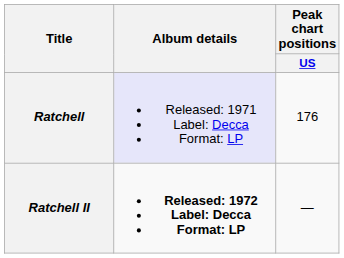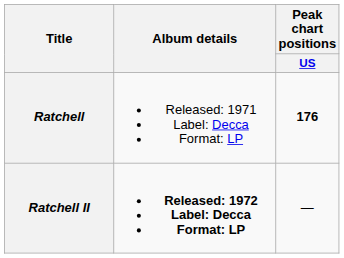 <table class="wikitable plainrowheaders" style="text-align:center;" border="1">
 <tr>
 <th scope="col" rowspan="2" style="width:8em;">Title</th>
 <th scope="col" rowspan="2" style="width:12em;">Album details</th>
 <th scope="col" colspan="2">Peak chart positions</th>
 </tr>
 <tr>
 <th style="width:3em; font-size:90%;"><a href='#'>US</a></th>
 </tr>
 <tr>
 <th scope="row"><em>Ratchell</em></th>
-<td style="background: lavender;"><br><ul><li>Released: 1971</li><li>Label: <a href='#'>Decca</a></li><li>Format: <a href='#'>LP</a></li></ul></td>
-<td>176</td>
+<td><br><ul><li>Released: 1971</li><li>Label: <a href='#'>Decca</a></li><li>Format: <a href='#'>LP</a></li></ul></td>
+<td><strong>176</strong></td>
 </tr>
 <tr>
 <th scope="row"><em>Ratchell II</em></th>
 <td><strong><br><ul><li>Released: 1972</li><li>Label: Decca</li><li>Format: LP</li></ul></strong></td>
 <td>—</td>
 </tr>
 </table>
